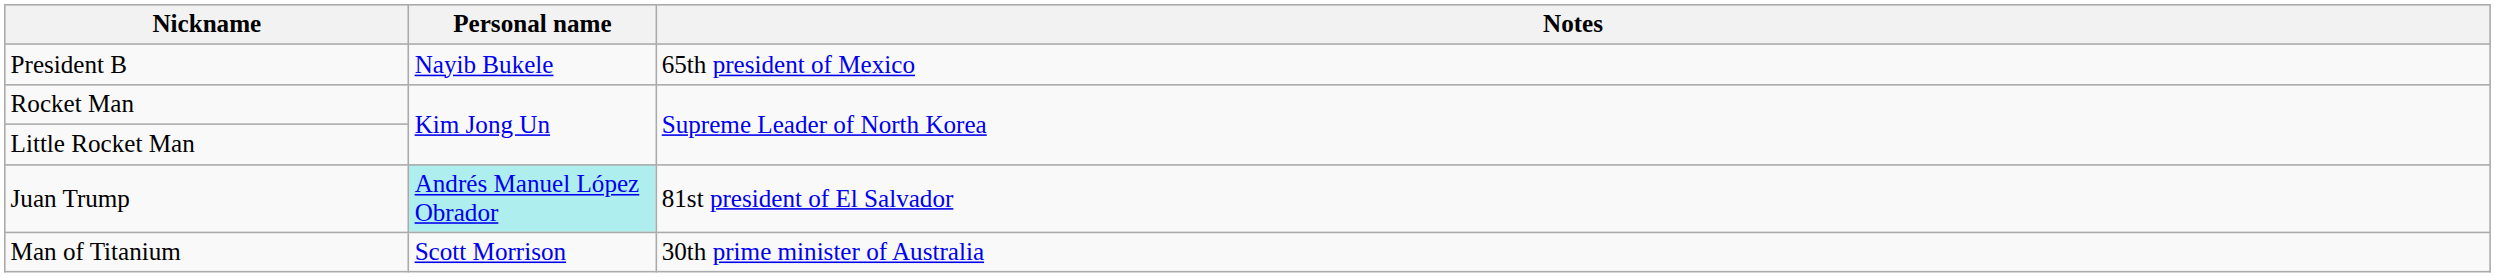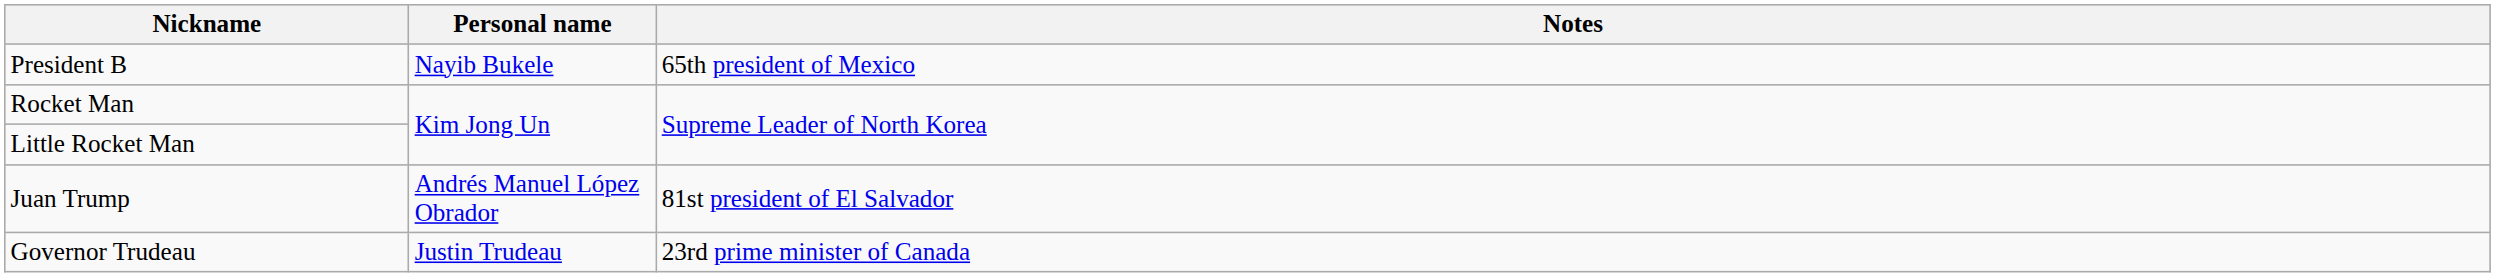 <table class="wikitable sortable" style="width:100%;">
 <tr>
 <th style="width:250px">Nickname</th>
 <th style="width:150px">Personal name</th>
 <th class="unsortable">Notes</th>
 </tr>
 <tr>
 <td>President B</td>
 <td><a href='#'>Nayib Bukele</a></td>
 <td>65th <a href='#'>president of Mexico</a></td>
 </tr>
 <tr>
 <td>Rocket Man</td>
 <td data-sort-value="Kim, Jong Un" rowspan="2"><a href='#'>Kim Jong Un</a></td>
 <td rowspan="2"><a href='#'>Supreme Leader of North Korea</a></td>
 </tr>
 <tr id="Little Rocket Man">
 <td>Little Rocket Man</td>
 </tr>
 <tr id="Juan Trump">
 <td>Juan Trump</td>
-<td data-sort-value="Obrador, Andrés Manuel López" style="background: paleturquoise;"><a href='#'>Andrés Manuel López Obrador</a></td>
+<td data-sort-value="Obrador, Andrés Manuel López"><a href='#'>Andrés Manuel López Obrador</a></td>
 <td>81st <a href='#'>president of El Salvador</a></td>
 </tr>
 <tr>
-<td>Man of Titanium</td>
-<td><a href='#'>Scott Morrison</a></td>
-<td>30th <a href='#'>prime minister of Australia</a></td>
+<td>Governor Trudeau</td>
+<td><a href='#'>Justin Trudeau</a></td>
+<td>23rd <a href='#'>prime minister of Canada</a></td>
 </tr>
 </table>
